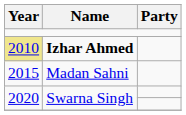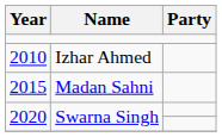 <table class="wikitable sortable">
 <tr>
 <th>Year</th>
 <th>Name</th>
 <th colspan="2">Party</th>
 </tr>
 <tr>
 <td colspan="4"></td>
 </tr>
 <tr>
-<td style="background: khaki;"><a href='#'>2010</a></td>
-<td><strong>Izhar Ahmed</strong></td>
+<td><a href='#'>2010</a></td>
+<td>Izhar Ahmed</td>
 <td></td>
 </tr>
 <tr>
 <td><a href='#'>2015</a></td>
 <td><a href='#'>Madan Sahni</a></td>
 </tr>
 <tr>
 <td rowspan="2"><a href='#'>2020</a></td>
 <td rowspan="2"><a href='#'>Swarna Singh</a></td>
 <td></td>
 </tr>
 <tr>
 <td></td>
 </tr>
 <tr>
 </tr>
 </table>
